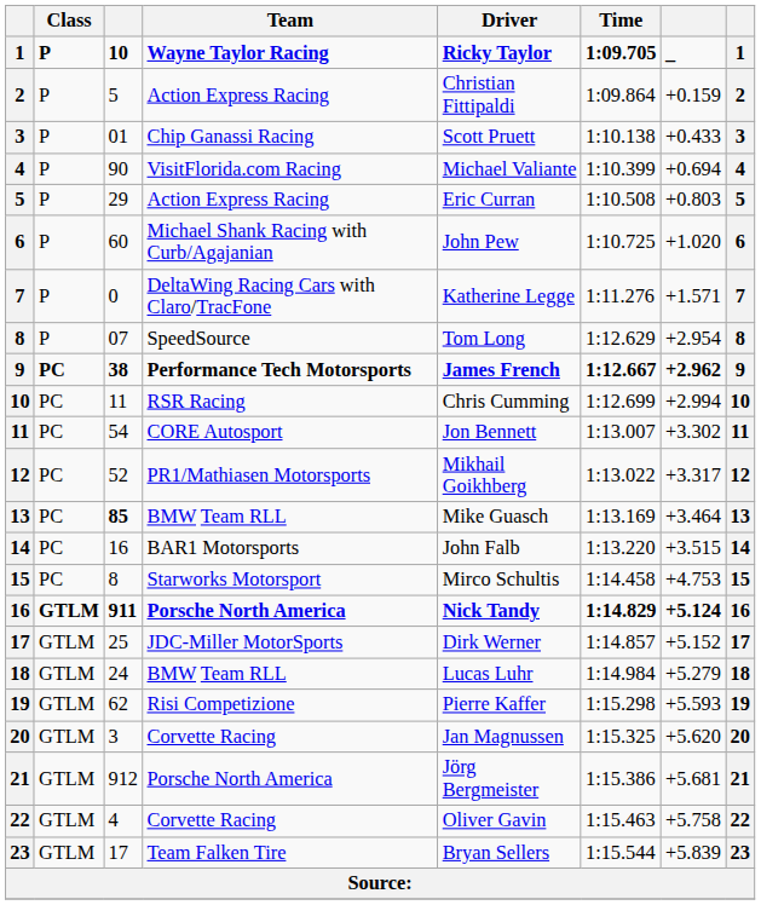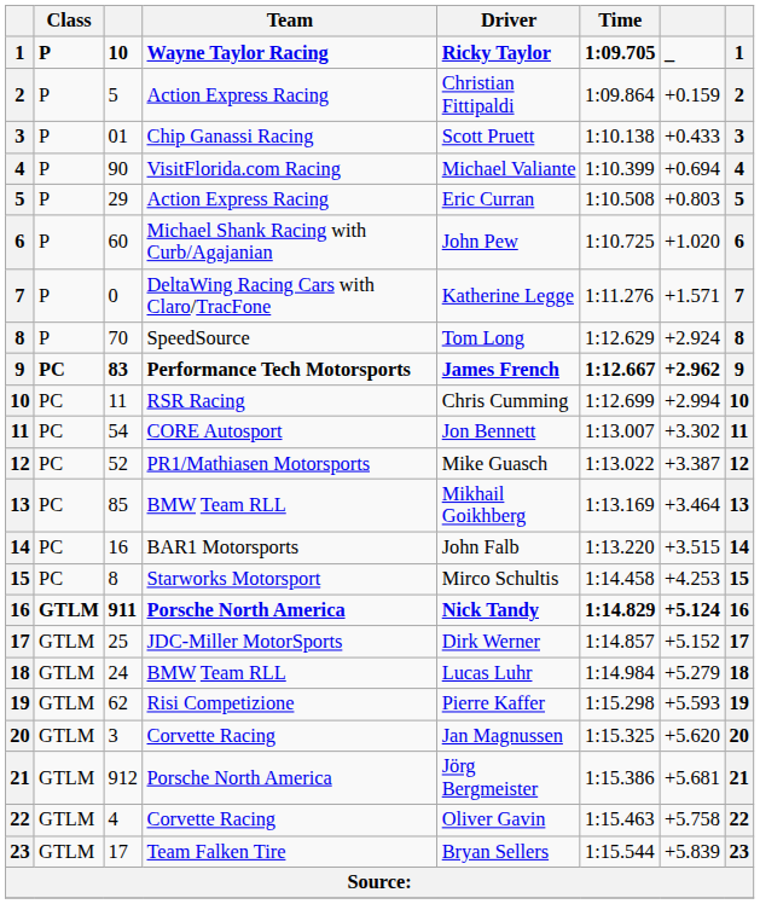 <table class="wikitable">
 <tr>
 <th scope="col"></th>
 <th scope="col">Class</th>
 <th scope="col"></th>
 <th scope="col">Team</th>
 <th scope="col">Driver</th>
 <th scope="col">Time</th>
 <th scope="col"></th>
 <th scope="col"></th>
 </tr>
 <tr>
 <th scope="row">1</th>
 <td><strong>P</strong></td>
 <td><strong>10</strong></td>
 <td><strong> <a href='#'>Wayne Taylor Racing</a></strong></td>
 <td><strong> <a href='#'>Ricky Taylor</a></strong></td>
 <td><strong>1:09.705</strong></td>
 <td><strong>_</strong></td>
 <th><strong>1</strong></th>
 </tr>
 <tr>
 <th scope="row">2</th>
 <td>P</td>
 <td>5</td>
 <td> <a href='#'>Action Express Racing</a></td>
 <td> <a href='#'>Christian Fittipaldi</a></td>
 <td>1:09.864</td>
 <td>+0.159</td>
 <th>2</th>
 </tr>
 <tr>
 <th scope="row">3</th>
 <td>P</td>
 <td>01</td>
 <td> <a href='#'>Chip Ganassi Racing</a></td>
 <td> <a href='#'>Scott Pruett</a></td>
 <td>1:10.138</td>
 <td>+0.433</td>
 <th>3</th>
 </tr>
 <tr>
 <th scope="row">4</th>
 <td>P</td>
 <td>90</td>
 <td> <a href='#'>VisitFlorida.com Racing</a></td>
 <td> <a href='#'>Michael Valiante</a></td>
 <td>1:10.399</td>
 <td>+0.694</td>
 <th>4</th>
 </tr>
 <tr>
 <th scope="row">5</th>
 <td>P</td>
 <td>29</td>
 <td> <a href='#'>Action Express Racing</a></td>
 <td> <a href='#'>Eric Curran</a></td>
 <td>1:10.508</td>
 <td>+0.803</td>
 <th>5</th>
 </tr>
 <tr>
 <th scope="row">6</th>
 <td>P</td>
 <td>60</td>
 <td> <a href='#'>Michael Shank Racing</a> with <a href='#'>Curb/Agajanian</a></td>
 <td> <a href='#'>John Pew</a></td>
 <td>1:10.725</td>
 <td>+1.020</td>
 <th>6</th>
 </tr>
 <tr>
 <th scope="row">7</th>
 <td>P</td>
 <td>0</td>
 <td> <a href='#'>DeltaWing Racing Cars</a> with <a href='#'>Claro</a>/<a href='#'>TracFone</a></td>
 <td> <a href='#'>Katherine Legge</a></td>
 <td>1:11.276</td>
 <td>+1.571</td>
 <th><strong>7</strong></th>
 </tr>
 <tr>
 <th scope="row">8</th>
 <td>P</td>
-<td>07</td>
+<td>70</td>
 <td> SpeedSource</td>
 <td> <a href='#'>Tom Long</a></td>
 <td>1:12.629</td>
-<td>+2.954</td>
+<td>+2.924</td>
 <th>8</th>
 </tr>
 <tr>
 <th scope="row">9</th>
 <td><strong>PC</strong></td>
-<td><strong>38</strong></td>
+<td><strong>83</strong></td>
 <td><strong> Performance Tech Motorsports</strong></td>
 <td><strong> <a href='#'>James French</a></strong></td>
 <td><strong>1:12.667</strong></td>
 <td><strong>+2.962</strong></td>
 <th>9</th>
 </tr>
 <tr>
 <th scope="row">10</th>
 <td>PC</td>
 <td>11</td>
 <td> <a href='#'>RSR Racing</a></td>
 <td> Chris Cumming</td>
 <td>1:12.699</td>
 <td>+2.994</td>
 <th><strong>10</strong></th>
 </tr>
 <tr>
 <th scope="row">11</th>
 <td>PC</td>
 <td>54</td>
 <td> <a href='#'>CORE Autosport</a></td>
 <td> <a href='#'>Jon Bennett</a></td>
 <td>1:13.007</td>
 <td>+3.302</td>
 <th>11</th>
 </tr>
 <tr>
 <th scope="row">12</th>
 <td>PC</td>
 <td>52</td>
 <td> <a href='#'>PR1/Mathiasen Motorsports</a></td>
-<td> <a href='#'>Mikhail Goikhberg</a></td>
+<td> Mike Guasch</td>
 <td>1:13.022</td>
-<td>+3.317</td>
+<td>+3.387</td>
 <th>12</th>
 </tr>
 <tr>
 <th scope="row">13</th>
 <td>PC</td>
-<td><strong>85</strong></td>
+<td>85</td>
 <td> <a href='#'>BMW</a> <a href='#'>Team RLL</a></td>
-<td> Mike Guasch</td>
+<td> <a href='#'>Mikhail Goikhberg</a></td>
 <td>1:13.169</td>
 <td>+3.464</td>
 <th>13</th>
 </tr>
 <tr>
 <th scope="row">14</th>
 <td>PC</td>
 <td>16</td>
 <td> BAR1 Motorsports</td>
 <td> John Falb</td>
 <td>1:13.220</td>
 <td>+3.515</td>
 <th>14</th>
 </tr>
 <tr>
 <th scope="row">15</th>
 <td>PC</td>
 <td>8</td>
 <td> <a href='#'>Starworks Motorsport</a></td>
 <td> Mirco Schultis</td>
 <td>1:14.458</td>
-<td>+4.753</td>
+<td>+4.253</td>
 <th>15</th>
 </tr>
 <tr>
 <th scope="row">16</th>
 <td><strong>GTLM</strong></td>
 <td><strong>911</strong></td>
 <td><strong> <a href='#'>Porsche North America</a></strong></td>
 <td><strong> <a href='#'>Nick Tandy</a></strong></td>
 <td><strong>1:14.829</strong></td>
 <td><strong>+5.124</strong></td>
 <th>16</th>
 </tr>
 <tr>
 <th scope="row">17</th>
 <td>GTLM</td>
 <td>25</td>
 <td> <a href='#'>JDC-Miller MotorSports</a></td>
 <td> <a href='#'>Dirk Werner</a></td>
 <td>1:14.857</td>
 <td>+5.152</td>
 <th>17</th>
 </tr>
 <tr>
 <th>18</th>
 <td>GTLM</td>
 <td>24</td>
 <td> <a href='#'>BMW</a> <a href='#'>Team RLL</a></td>
 <td> <a href='#'>Lucas Luhr</a></td>
 <td>1:14.984</td>
 <td>+5.279</td>
 <th>18</th>
 </tr>
 <tr>
 <th>19</th>
 <td>GTLM</td>
 <td>62</td>
 <td> <a href='#'>Risi Competizione</a></td>
 <td> <a href='#'>Pierre Kaffer</a></td>
 <td>1:15.298</td>
 <td>+5.593</td>
 <th>19</th>
 </tr>
 <tr>
 <th>20</th>
 <td>GTLM</td>
 <td>3</td>
 <td> <a href='#'>Corvette Racing</a></td>
 <td> <a href='#'>Jan Magnussen</a></td>
 <td>1:15.325</td>
 <td>+5.620</td>
 <th>20</th>
 </tr>
 <tr>
 <th>21</th>
 <td>GTLM</td>
 <td>912</td>
 <td> <a href='#'>Porsche North America</a></td>
 <td> <a href='#'>Jörg Bergmeister</a></td>
 <td>1:15.386</td>
 <td>+5.681</td>
 <th>21</th>
 </tr>
 <tr>
 <th>22</th>
 <td>GTLM</td>
 <td>4</td>
 <td> <a href='#'>Corvette Racing</a></td>
 <td> <a href='#'>Oliver Gavin</a></td>
 <td>1:15.463</td>
 <td>+5.758</td>
 <th>22</th>
 </tr>
 <tr>
 <th>23</th>
 <td>GTLM</td>
 <td>17</td>
 <td> <a href='#'>Team Falken Tire</a></td>
 <td> <a href='#'>Bryan Sellers</a></td>
 <td>1:15.544</td>
 <td>+5.839</td>
 <th>23</th>
 </tr>
 <tr>
 <th colspan="8">Source:</th>
 </tr>
 <tr>
 </tr>
 </table>
